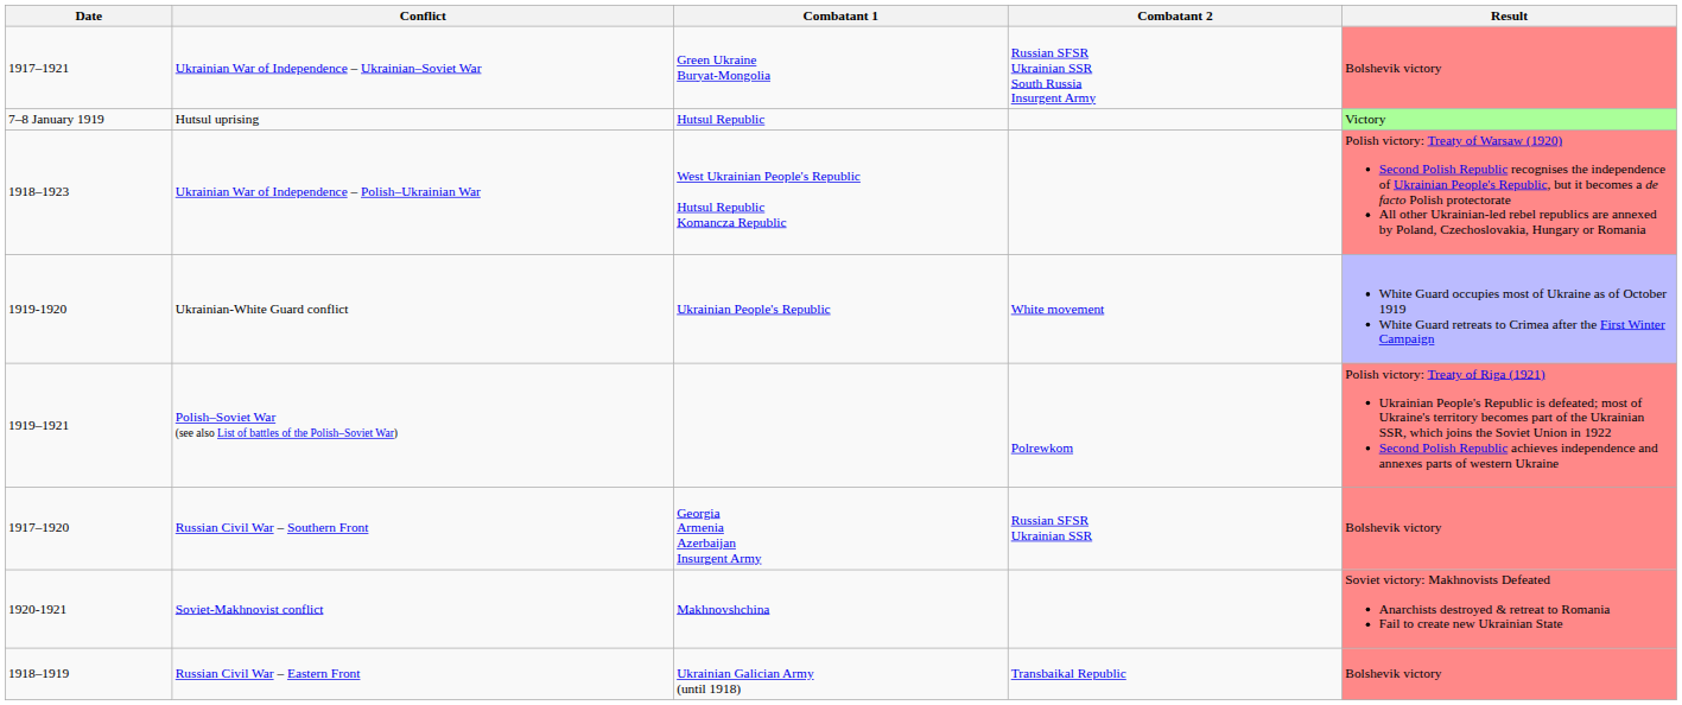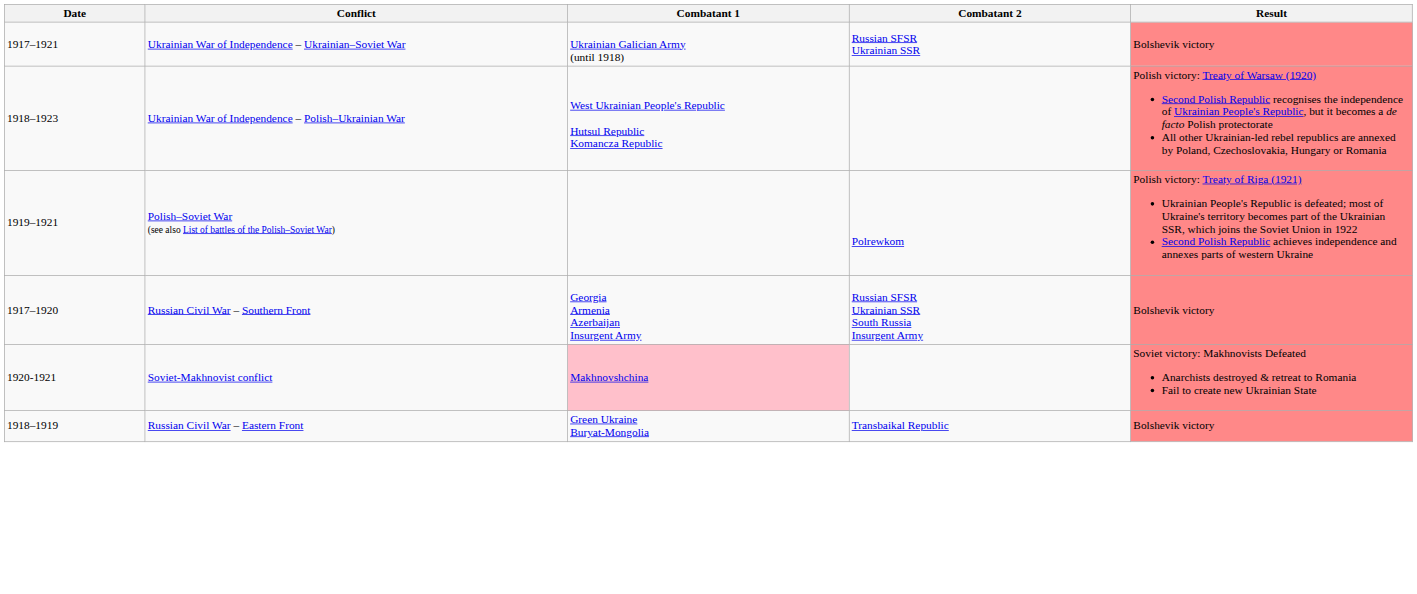 <table class="wikitable" width="100%">
 <tr>
 <th width="10%">Date</th>
 <th width="30%">Conflict</th>
 <th width="20%">Combatant 1</th>
 <th width="20%">Combatant 2</th>
 <th width="20%">Result</th>
 </tr>
 <tr>
 <td>1917–1921<br></td>
 <td><a href='#'>Ukrainian War of Independence</a> – <a href='#'>Ukrainian–Soviet War</a><br></td>
-<td> <a href='#'>Green Ukraine</a><br><a href='#'>Buryat-Mongolia</a></td>
-<td><br> <a href='#'>Russian SFSR</a><br>  <a href='#'>Ukrainian SSR</a><br>  <a href='#'>South Russia</a><br> <a href='#'>Insurgent Army</a></td>
+<td><br> <a href='#'>Ukrainian Galician Army</a><br>  (until 1918)</td>
+<td> <a href='#'>Russian SFSR</a><br> <a href='#'>Ukrainian SSR</a></td>
 <td style="background:#F88">Bolshevik victory</td>
-</tr>
-<tr>
-<td>7–8 January 1919</td>
-<td>Hutsul uprising</td>
-<td> <a href='#'>Hutsul Republic</a><br></td>
-<td><br></td>
-<td style="background:#AF9">Victory</td>
 </tr>
 <tr>
 <td>1918–1923</td>
 <td><a href='#'>Ukrainian War of Independence</a> – <a href='#'>Polish–Ukrainian War</a><br></td>
 <td><br> <a href='#'>West Ukrainian People's Republic</a><br> <br>  <a href='#'>Hutsul Republic</a><br>  <a href='#'>Komancza Republic</a></td>
 <td><br><br> <br> <br> </td>
 <td style="background:#F88">Polish victory: <a href='#'>Treaty of Warsaw (1920)</a><br><ul><li><a href='#'>Second Polish Republic</a> recognises the independence of <a href='#'>Ukrainian People's Republic</a>, but it becomes a <em>de facto</em> Polish protectorate</li><li>All other Ukrainian-led rebel republics are annexed by Poland, Czechoslovakia, Hungary or Romania</li></ul></td>
-</tr>
-<tr>
-<td>1919-1920</td>
-<td>Ukrainian-White Guard conflict</td>
-<td> <a href='#'>Ukrainian People's Republic</a></td>
-<td> <a href='#'>White movement</a></td>
-<td style="background:#BBF"><br><ul><li>White Guard occupies most of Ukraine as of October 1919</li><li>White Guard retreats to Crimea after the <a href='#'>First Winter Campaign</a></li></ul></td>
 </tr>
 <tr>
 <td>1919–1921</td>
 <td><a href='#'>Polish–Soviet War</a><br> <small>(see also <a href='#'>List of battles of the Polish–Soviet War</a>)</small></td>
 <td><br></td>
 <td><br><br><br> <a href='#'>Polrewkom</a></td>
 <td style="background:#F88">Polish victory: <a href='#'>Treaty of Riga (1921)</a><br><ul><li>Ukrainian People's Republic is defeated; most of Ukraine's territory becomes part of the Ukrainian SSR, which joins the Soviet Union in 1922</li><li><a href='#'>Second Polish Republic</a> achieves independence and annexes parts of western Ukraine</li></ul></td>
 </tr>
 <tr>
 <td>1917–1920</td>
 <td><a href='#'>Russian Civil War</a> – <a href='#'>Southern Front</a></td>
 <td><br> <a href='#'>Georgia</a><br> <a href='#'>Armenia</a><br> <a href='#'>Azerbaijan</a><br> <a href='#'>Insurgent Army</a></td>
-<td> <a href='#'>Russian SFSR</a><br> <a href='#'>Ukrainian SSR</a></td>
+<td><br> <a href='#'>Russian SFSR</a><br>  <a href='#'>Ukrainian SSR</a><br>  <a href='#'>South Russia</a><br> <a href='#'>Insurgent Army</a></td>
 <td style="background:#F88">Bolshevik victory</td>
 </tr>
 <tr>
 <td>1920-1921</td>
 <td><a href='#'>Soviet-Makhnovist conflict</a></td>
-<td> <a href='#'>Makhnovshchina</a></td>
+<td style="background: pink;"> <a href='#'>Makhnovshchina</a></td>
 <td><br></td>
 <td style="background:#F88">Soviet victory: Makhnovists Defeated<br><ul><li>Anarchists destroyed & retreat to Romania</li><li>Fail to create new Ukrainian State</li></ul></td>
 </tr>
 <tr>
 <td>1918–1919<br></td>
 <td><a href='#'>Russian Civil War</a> – <a href='#'>Eastern Front</a></td>
-<td><br> <a href='#'>Ukrainian Galician Army</a><br>  (until 1918)</td>
+<td> <a href='#'>Green Ukraine</a><br><a href='#'>Buryat-Mongolia</a></td>
 <td> <a href='#'>Transbaikal Republic</a><br></td>
 <td style="background:#F88">Bolshevik victory</td>
 </tr>
 </table>
